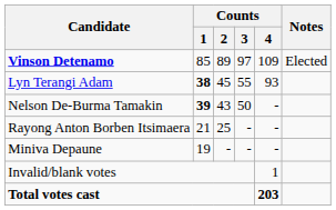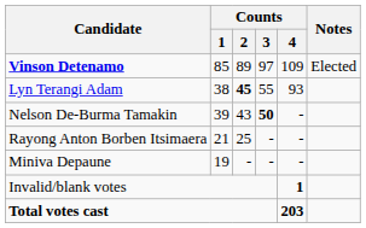 <table class=wikitable style=text-align:right>
 <tr>
 <th rowspan=2>Candidate</th>
 <th colspan=4>Counts</th>
 <th rowspan=2>Notes</th>
 </tr>
 <tr>
 <th>1</th>
 <th>2</th>
 <th>3</th>
 <th>4</th>
 </tr>
 <tr>
 <td align=left><strong><a href='#'>Vinson Detenamo</a></strong></td>
 <td>85</td>
 <td>89</td>
 <td>97</td>
 <td>109</td>
 <td align=left>Elected</td>
 </tr>
 <tr>
 <td align=left><a href='#'>Lyn Terangi Adam</a></td>
-<td><strong>38</strong></td>
-<td>45</td>
+<td>38</td>
+<td><strong>45</strong></td>
 <td>55</td>
 <td>93</td>
 <td align=left></td>
 </tr>
 <tr>
 <td align=left>Nelson De-Burma Tamakin</td>
-<td><strong>39</strong></td>
+<td>39</td>
 <td>43</td>
-<td>50</td>
+<td><strong>50</strong></td>
 <td>-</td>
 <td align=left></td>
 </tr>
 <tr>
 <td align=left>Rayong Anton Borben Itsimaera</td>
 <td>21</td>
 <td>25</td>
 <td>-</td>
 <td>-</td>
 <td align=left></td>
 </tr>
 <tr>
 <td align=left>Miniva Depaune</td>
 <td>19</td>
 <td>-</td>
 <td>-</td>
 <td>-</td>
 <td align=left></td>
 </tr>
 <tr>
 <td align=left colspan=4>Invalid/blank votes</td>
-<td>1</td>
+<td><strong>1</strong></td>
 <td></td>
 </tr>
 <tr>
 <td align=left colspan=4><strong>Total votes cast</strong></td>
 <td><strong>203</strong></td>
 <td></td>
 </tr>
 </table>
